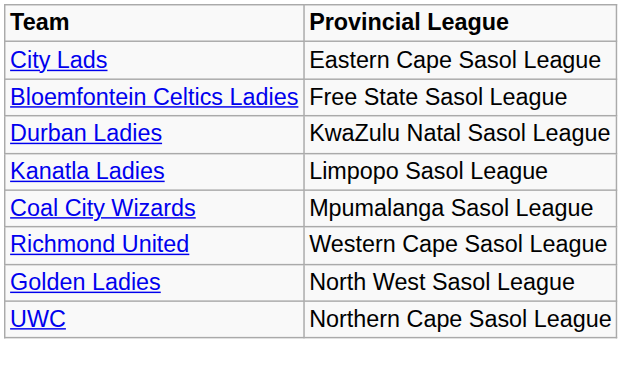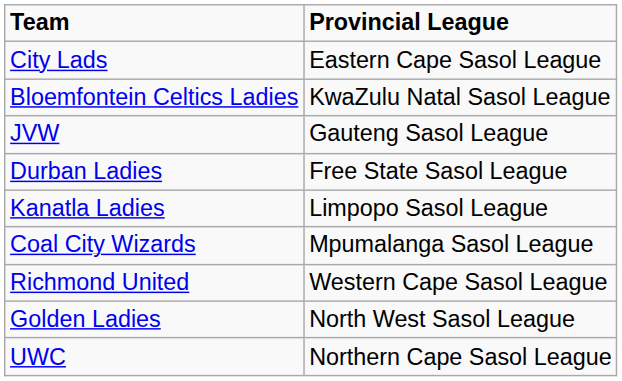 <table class="wikitable sortable" style="text_align: left;">
 <tr>
 <td><strong>Team</strong></td>
 <td><strong>Provincial League</strong></td>
 </tr>
 <tr>
 <td><a href='#'>City Lads</a></td>
 <td>Eastern Cape Sasol League</td>
 </tr>
 <tr>
 <td><a href='#'>Bloemfontein Celtics Ladies</a></td>
-<td>Free State Sasol League</td>
+<td>KwaZulu Natal Sasol League</td>
+</tr>
+<tr>
+<td><a href='#'>JVW</a></td>
+<td>Gauteng Sasol League</td>
 </tr>
 <tr>
 <td><a href='#'>Durban Ladies</a></td>
-<td>KwaZulu Natal Sasol League</td>
+<td>Free State Sasol League</td>
 </tr>
 <tr>
 <td><a href='#'>Kanatla Ladies</a></td>
 <td>Limpopo Sasol League</td>
 </tr>
 <tr>
 <td><a href='#'>Coal City Wizards</a></td>
 <td>Mpumalanga Sasol League</td>
 </tr>
 <tr>
 <td><a href='#'>Richmond United</a></td>
 <td>Western Cape Sasol League</td>
 </tr>
 <tr>
 <td><a href='#'>Golden Ladies</a></td>
 <td>North West Sasol League</td>
 </tr>
 <tr>
 <td><a href='#'>UWC</a></td>
 <td>Northern Cape Sasol League</td>
 </tr>
 </table>
